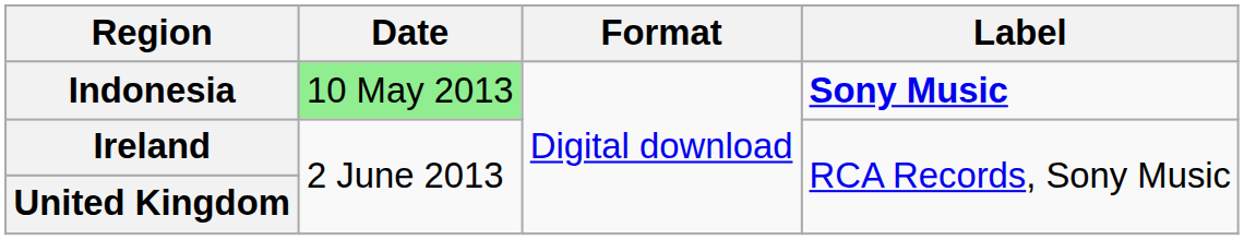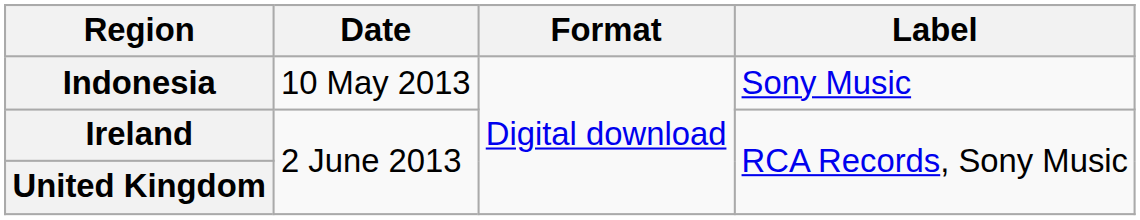 <table class="wikitable plainrowheaders">
 <tr>
 <th scope="col">Region</th>
 <th scope="col">Date</th>
 <th scope="col">Format</th>
 <th scope="col">Label</th>
 </tr>
 <tr>
 <th scope="row">Indonesia</th>
-<td style="background: lightgreen;">10 May 2013</td>
+<td>10 May 2013</td>
 <td rowspan="3"><a href='#'>Digital download</a></td>
-<td><strong><a href='#'>Sony Music</a></strong></td>
+<td><a href='#'>Sony Music</a></td>
 </tr>
 <tr>
 <th scope="row">Ireland</th>
 <td rowspan="2">2 June 2013</td>
 <td rowspan="2"><a href='#'>RCA Records</a>, Sony Music</td>
 </tr>
 <tr>
 <th scope="row">United Kingdom</th>
 </tr>
 </table>
